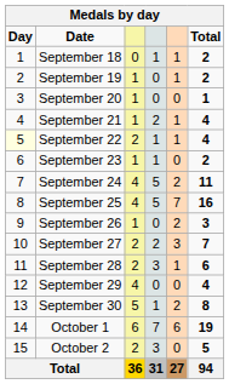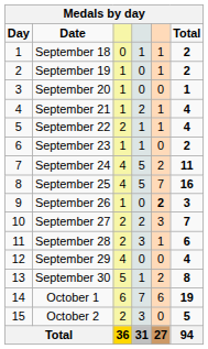 <table class=wikitable style="font-size:85%; float:right;text-align:center">
 <tr>
 <th colspan=7>Medals by day</th>
 </tr>
 <tr>
 <td><strong>Day</strong></td>
 <td><strong>Date</strong></td>
 <td bgcolor=F7F6A8></td>
 <td bgcolor=DCE5E5></td>
 <td bgcolor=FFDAB9></td>
 <td><strong>Total</strong></td>
 </tr>
 <tr>
 <td>1</td>
 <td>September 18</td>
 <td bgcolor=F7F6A8>0</td>
 <td bgcolor=DCE5E5>1</td>
 <td bgcolor=FFDAB9>1</td>
 <td><strong>2</strong></td>
 </tr>
 <tr>
 <td>2</td>
 <td>September 19</td>
 <td bgcolor=F7F6A8>1</td>
 <td bgcolor=DCE5E5>0</td>
 <td bgcolor=FFDAB9>1</td>
 <td><strong>2</strong></td>
 </tr>
 <tr>
 <td>3</td>
 <td>September 20</td>
 <td bgcolor=F7F6A8>1</td>
 <td bgcolor=DCE5E5>0</td>
 <td bgcolor=FFDAB9>0</td>
 <td><strong>1</strong></td>
 </tr>
 <tr>
 <td>4</td>
 <td>September 21</td>
 <td bgcolor=F7F6A8>1</td>
 <td bgcolor=DCE5E5>2</td>
 <td bgcolor=FFDAB9>1</td>
 <td><strong>4</strong></td>
 </tr>
 <tr>
-<td style="background: lightyellow;">5</td>
+<td>5</td>
 <td>September 22</td>
 <td bgcolor=F7F6A8>2</td>
 <td bgcolor=DCE5E5>1</td>
 <td bgcolor=FFDAB9>1</td>
 <td><strong>4</strong></td>
 </tr>
 <tr>
 <td>6</td>
 <td>September 23</td>
 <td bgcolor=F7F6A8>1</td>
 <td bgcolor=DCE5E5>1</td>
 <td bgcolor=FFDAB9>0</td>
 <td><strong>2</strong></td>
 </tr>
 <tr>
 <td>7</td>
 <td>September 24</td>
 <td bgcolor=F7F6A8>4</td>
 <td bgcolor=DCE5E5>5</td>
 <td bgcolor=FFDAB9>2</td>
 <td><strong>11</strong></td>
 </tr>
 <tr>
 <td>8</td>
 <td>September 25</td>
 <td bgcolor=F7F6A8>4</td>
 <td bgcolor=DCE5E5>5</td>
 <td bgcolor=FFDAB9>7</td>
 <td><strong>16</strong></td>
 </tr>
 <tr>
 <td>9</td>
 <td>September 26</td>
 <td bgcolor=F7F6A8>1</td>
 <td bgcolor=DCE5E5>0</td>
-<td bgcolor=FFDAB9>2</td>
+<td bgcolor=FFDAB9><strong>2</strong></td>
 <td><strong>3</strong></td>
 </tr>
 <tr>
 <td>10</td>
 <td>September 27</td>
 <td bgcolor=F7F6A8>2</td>
 <td bgcolor=DCE5E5>2</td>
 <td bgcolor=FFDAB9>3</td>
 <td><strong>7</strong></td>
 </tr>
 <tr>
 <td>11</td>
 <td>September 28</td>
 <td bgcolor=F7F6A8>2</td>
 <td bgcolor=DCE5E5>3</td>
 <td bgcolor=FFDAB9>1</td>
 <td><strong>6</strong></td>
 </tr>
 <tr>
 <td>12</td>
 <td>September 29</td>
 <td bgcolor=F7F6A8>4</td>
 <td bgcolor=DCE5E5>0</td>
 <td bgcolor=FFDAB9>0</td>
 <td><strong>4</strong></td>
 </tr>
 <tr>
 <td>13</td>
 <td>September 30</td>
 <td bgcolor=F7F6A8>5</td>
 <td bgcolor=DCE5E5>1</td>
 <td bgcolor=FFDAB9>2</td>
 <td><strong>8</strong></td>
 </tr>
 <tr>
 <td>14</td>
 <td>October 1</td>
 <td bgcolor=F7F6A8>6</td>
 <td bgcolor=DCE5E5>7</td>
 <td bgcolor=FFDAB9>6</td>
 <td><strong>19</strong></td>
 </tr>
 <tr>
 <td>15</td>
 <td>October 2</td>
 <td bgcolor=F7F6A8>2</td>
 <td bgcolor=DCE5E5>3</td>
 <td bgcolor=FFDAB9>0</td>
 <td><strong>5</strong></td>
 </tr>
 <tr>
 <th colspan=2>Total</th>
 <th style=background:gold>36</th>
 <th style=background:silver>31</th>
 <th style=background:#C96>27</th>
 <th>94</th>
 </tr>
 </table>
